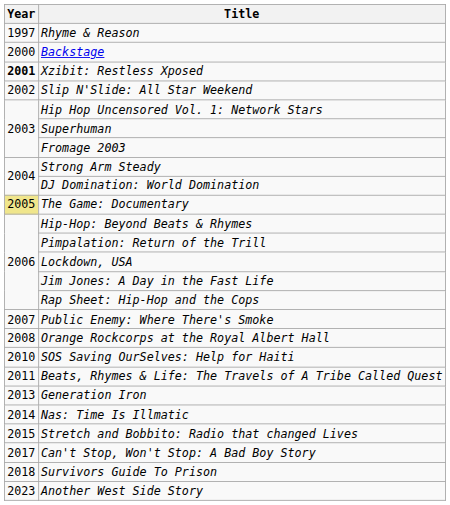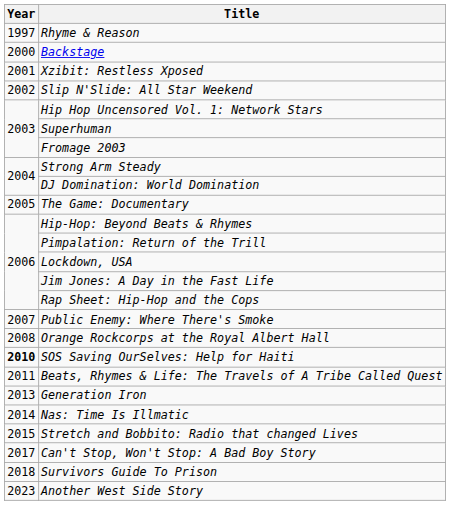 <table class="wikitable sortable">
 <tr>
 <th>Year</th>
 <th>Title</th>
 </tr>
 <tr>
 <td>1997</td>
 <td><em>Rhyme & Reason</em></td>
 </tr>
 <tr>
 <td>2000</td>
 <td><em><a href='#'>Backstage</a></em></td>
 </tr>
 <tr>
-<td><strong>2001</strong></td>
+<td>2001</td>
 <td><em>Xzibit: Restless Xposed</em></td>
 </tr>
 <tr>
 <td>2002</td>
 <td><em>Slip N'Slide: All Star Weekend</em></td>
 </tr>
 <tr>
 <td Rowspan=3>2003</td>
 <td><em>Hip Hop Uncensored Vol. 1: Network Stars</em></td>
 </tr>
 <tr>
 <td><em>Superhuman</em></td>
 </tr>
 <tr>
 <td><em>Fromage 2003</em></td>
 </tr>
 <tr>
 <td Rowspan=2>2004</td>
 <td><em>Strong Arm Steady</em></td>
 </tr>
 <tr>
 <td><em>DJ Domination: World Domination</em></td>
 </tr>
 <tr>
-<td style="background: khaki;">2005</td>
+<td>2005</td>
 <td><em>The Game: Documentary</em></td>
 </tr>
 <tr>
 <td Rowspan=5>2006</td>
 <td><em>Hip-Hop: Beyond Beats & Rhymes</em></td>
 </tr>
 <tr>
 <td><em>Pimpalation: Return of the Trill</em></td>
 </tr>
 <tr>
 <td><em>Lockdown, USA</em></td>
 </tr>
 <tr>
 <td><em>Jim Jones: A Day in the Fast Life </em></td>
 </tr>
 <tr>
 <td><em>Rap Sheet: Hip-Hop and the Cops</em></td>
 </tr>
 <tr>
 <td>2007</td>
 <td><em>Public Enemy: Where There's Smoke</em></td>
 </tr>
 <tr>
 <td>2008</td>
 <td><em>Orange Rockcorps at the Royal Albert Hall</em></td>
 </tr>
 <tr>
-<td>2010</td>
+<td><strong>2010</strong></td>
 <td><em>SOS Saving OurSelves: Help for Haiti</em></td>
 </tr>
 <tr>
 <td>2011</td>
 <td><em>Beats, Rhymes & Life: The Travels of A Tribe Called Quest</em></td>
 </tr>
 <tr>
 <td>2013</td>
 <td><em>Generation Iron</em></td>
 </tr>
 <tr>
 <td>2014</td>
 <td><em>Nas: Time Is Illmatic</em></td>
 </tr>
 <tr>
 <td>2015</td>
 <td><em>Stretch and Bobbito: Radio that changed Lives</em></td>
 </tr>
 <tr>
 <td>2017</td>
 <td><em>Can't Stop, Won't Stop: A Bad Boy Story</em></td>
 </tr>
 <tr>
 <td>2018</td>
 <td><em>Survivors Guide To Prison</em></td>
 </tr>
 <tr>
 <td>2023</td>
 <td><em>Another West Side Story</em></td>
 </tr>
 </table>
